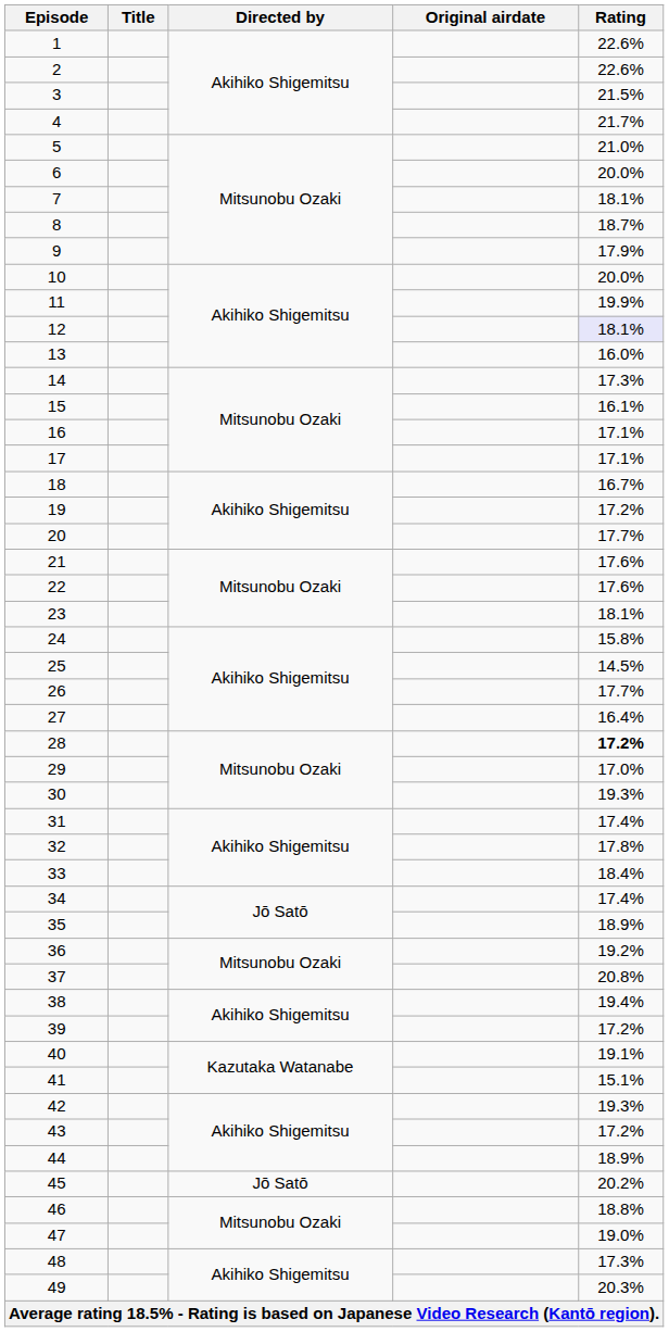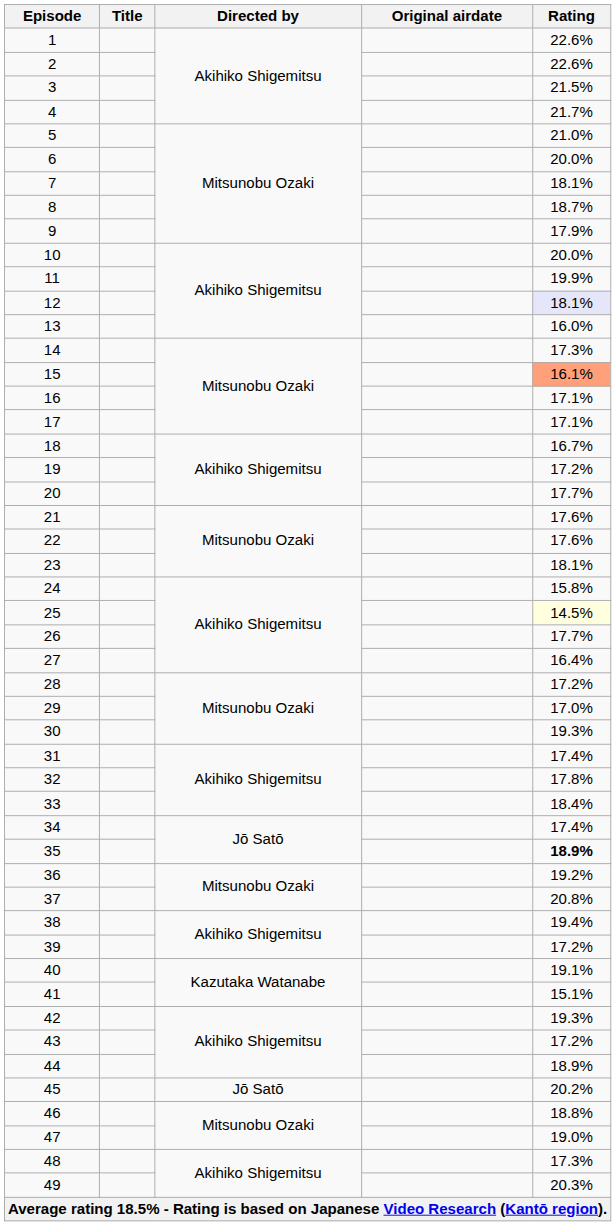 <table class="wikitable" style="text-align: center;">
 <tr>
 <th>Episode</th>
 <th>Title</th>
 <th>Directed by</th>
 <th>Original airdate</th>
 <th>Rating</th>
 </tr>
 <tr>
 <td>1</td>
 <td></td>
 <td rowspan="4">Akihiko Shigemitsu</td>
 <td></td>
 <td><span>22.6%</span></td>
 </tr>
 <tr>
 <td>2</td>
 <td></td>
 <td></td>
 <td><span>22.6%</span></td>
 </tr>
 <tr>
 <td>3</td>
 <td></td>
 <td></td>
 <td>21.5%</td>
 </tr>
 <tr>
 <td>4</td>
 <td></td>
 <td></td>
 <td>21.7%</td>
 </tr>
 <tr>
 <td>5</td>
 <td></td>
 <td rowspan="5">Mitsunobu Ozaki</td>
 <td></td>
 <td>21.0%</td>
 </tr>
 <tr>
 <td>6</td>
 <td></td>
 <td></td>
 <td>20.0%</td>
 </tr>
 <tr>
 <td>7</td>
 <td></td>
 <td></td>
 <td>18.1%</td>
 </tr>
 <tr>
 <td>8</td>
 <td></td>
 <td></td>
 <td>18.7%</td>
 </tr>
 <tr>
 <td>9</td>
 <td></td>
 <td></td>
 <td>17.9%</td>
 </tr>
 <tr>
 <td>10</td>
 <td></td>
 <td rowspan="4">Akihiko Shigemitsu</td>
 <td></td>
 <td>20.0%</td>
 </tr>
 <tr>
 <td>11</td>
 <td></td>
 <td></td>
 <td>19.9%</td>
 </tr>
 <tr>
 <td>12</td>
 <td></td>
 <td></td>
 <td style="background: lavender;">18.1%</td>
 </tr>
 <tr>
 <td>13</td>
 <td></td>
 <td></td>
 <td>16.0%</td>
 </tr>
 <tr>
 <td>14</td>
 <td></td>
 <td rowspan="4">Mitsunobu Ozaki</td>
 <td></td>
 <td>17.3%</td>
 </tr>
 <tr>
 <td>15</td>
 <td></td>
 <td></td>
-<td>16.1%</td>
+<td style="background: lightsalmon;">16.1%</td>
 </tr>
 <tr>
 <td>16</td>
 <td></td>
 <td></td>
 <td>17.1%</td>
 </tr>
 <tr>
 <td>17</td>
 <td></td>
 <td></td>
 <td>17.1%</td>
 </tr>
 <tr>
 <td>18</td>
 <td></td>
 <td rowspan="3">Akihiko Shigemitsu</td>
 <td></td>
 <td>16.7%</td>
 </tr>
 <tr>
 <td>19</td>
 <td></td>
 <td></td>
 <td>17.2%</td>
 </tr>
 <tr>
 <td>20</td>
 <td></td>
 <td></td>
 <td>17.7%</td>
 </tr>
 <tr>
 <td>21</td>
 <td></td>
 <td rowspan="3">Mitsunobu Ozaki</td>
 <td></td>
 <td>17.6%</td>
 </tr>
 <tr>
 <td>22</td>
 <td></td>
 <td></td>
 <td>17.6%</td>
 </tr>
 <tr>
 <td>23</td>
 <td></td>
 <td></td>
 <td>18.1%</td>
 </tr>
 <tr>
 <td>24</td>
 <td></td>
 <td rowspan="4">Akihiko Shigemitsu</td>
 <td></td>
 <td>15.8%</td>
 </tr>
 <tr>
 <td>25</td>
 <td></td>
 <td></td>
-<td><span>14.5%</span></td>
+<td style="background: lightyellow;"><span>14.5%</span></td>
 </tr>
 <tr>
 <td>26</td>
 <td></td>
 <td></td>
 <td>17.7%</td>
 </tr>
 <tr>
 <td>27</td>
 <td></td>
 <td></td>
 <td>16.4%</td>
 </tr>
 <tr>
 <td>28</td>
 <td></td>
 <td rowspan="3">Mitsunobu Ozaki</td>
 <td></td>
-<td><strong>17.2%</strong></td>
+<td>17.2%</td>
 </tr>
 <tr>
 <td>29</td>
 <td></td>
 <td></td>
 <td>17.0%</td>
 </tr>
 <tr>
 <td>30</td>
 <td></td>
 <td></td>
 <td>19.3%</td>
 </tr>
 <tr>
 <td>31</td>
 <td></td>
 <td rowspan="3">Akihiko Shigemitsu</td>
 <td></td>
 <td>17.4%</td>
 </tr>
 <tr>
 <td>32</td>
 <td></td>
 <td></td>
 <td>17.8%</td>
 </tr>
 <tr>
 <td>33</td>
 <td></td>
 <td></td>
 <td>18.4%</td>
 </tr>
 <tr>
 <td>34</td>
 <td></td>
 <td rowspan="2">Jō Satō</td>
 <td></td>
 <td>17.4%</td>
 </tr>
 <tr>
 <td>35</td>
 <td></td>
 <td></td>
-<td>18.9%</td>
+<td><strong>18.9%</strong></td>
 </tr>
 <tr>
 <td>36</td>
 <td></td>
 <td rowspan="2">Mitsunobu Ozaki</td>
 <td></td>
 <td>19.2%</td>
 </tr>
 <tr>
 <td>37</td>
 <td></td>
 <td></td>
 <td>20.8%</td>
 </tr>
 <tr>
 <td>38</td>
 <td></td>
 <td rowspan="2">Akihiko Shigemitsu</td>
 <td></td>
 <td>19.4%</td>
 </tr>
 <tr>
 <td>39</td>
 <td></td>
 <td></td>
 <td>17.2%</td>
 </tr>
 <tr>
 <td>40</td>
 <td></td>
 <td rowspan="2">Kazutaka Watanabe</td>
 <td></td>
 <td>19.1%</td>
 </tr>
 <tr>
 <td>41</td>
 <td></td>
 <td></td>
 <td>15.1%</td>
 </tr>
 <tr>
 <td>42</td>
 <td></td>
 <td rowspan="3">Akihiko Shigemitsu</td>
 <td></td>
 <td>19.3%</td>
 </tr>
 <tr>
 <td>43</td>
 <td></td>
 <td></td>
 <td>17.2%</td>
 </tr>
 <tr>
 <td>44</td>
 <td></td>
 <td></td>
 <td>18.9%</td>
 </tr>
 <tr>
 <td>45</td>
 <td></td>
 <td>Jō Satō</td>
 <td></td>
 <td>20.2%</td>
 </tr>
 <tr>
 <td>46</td>
 <td></td>
 <td rowspan="2">Mitsunobu Ozaki</td>
 <td></td>
 <td>18.8%</td>
 </tr>
 <tr>
 <td>47</td>
 <td></td>
 <td></td>
 <td>19.0%</td>
 </tr>
 <tr>
 <td>48</td>
 <td></td>
 <td rowspan="2">Akihiko Shigemitsu</td>
 <td></td>
 <td>17.3%</td>
 </tr>
 <tr>
 <td>49</td>
 <td></td>
 <td></td>
 <td>20.3%</td>
 </tr>
 <tr>
 <th colspan="5">Average rating 18.5% - Rating is based on Japanese <a href='#'>Video Research</a> (<a href='#'>Kantō region</a>).</th>
 </tr>
 </table>
